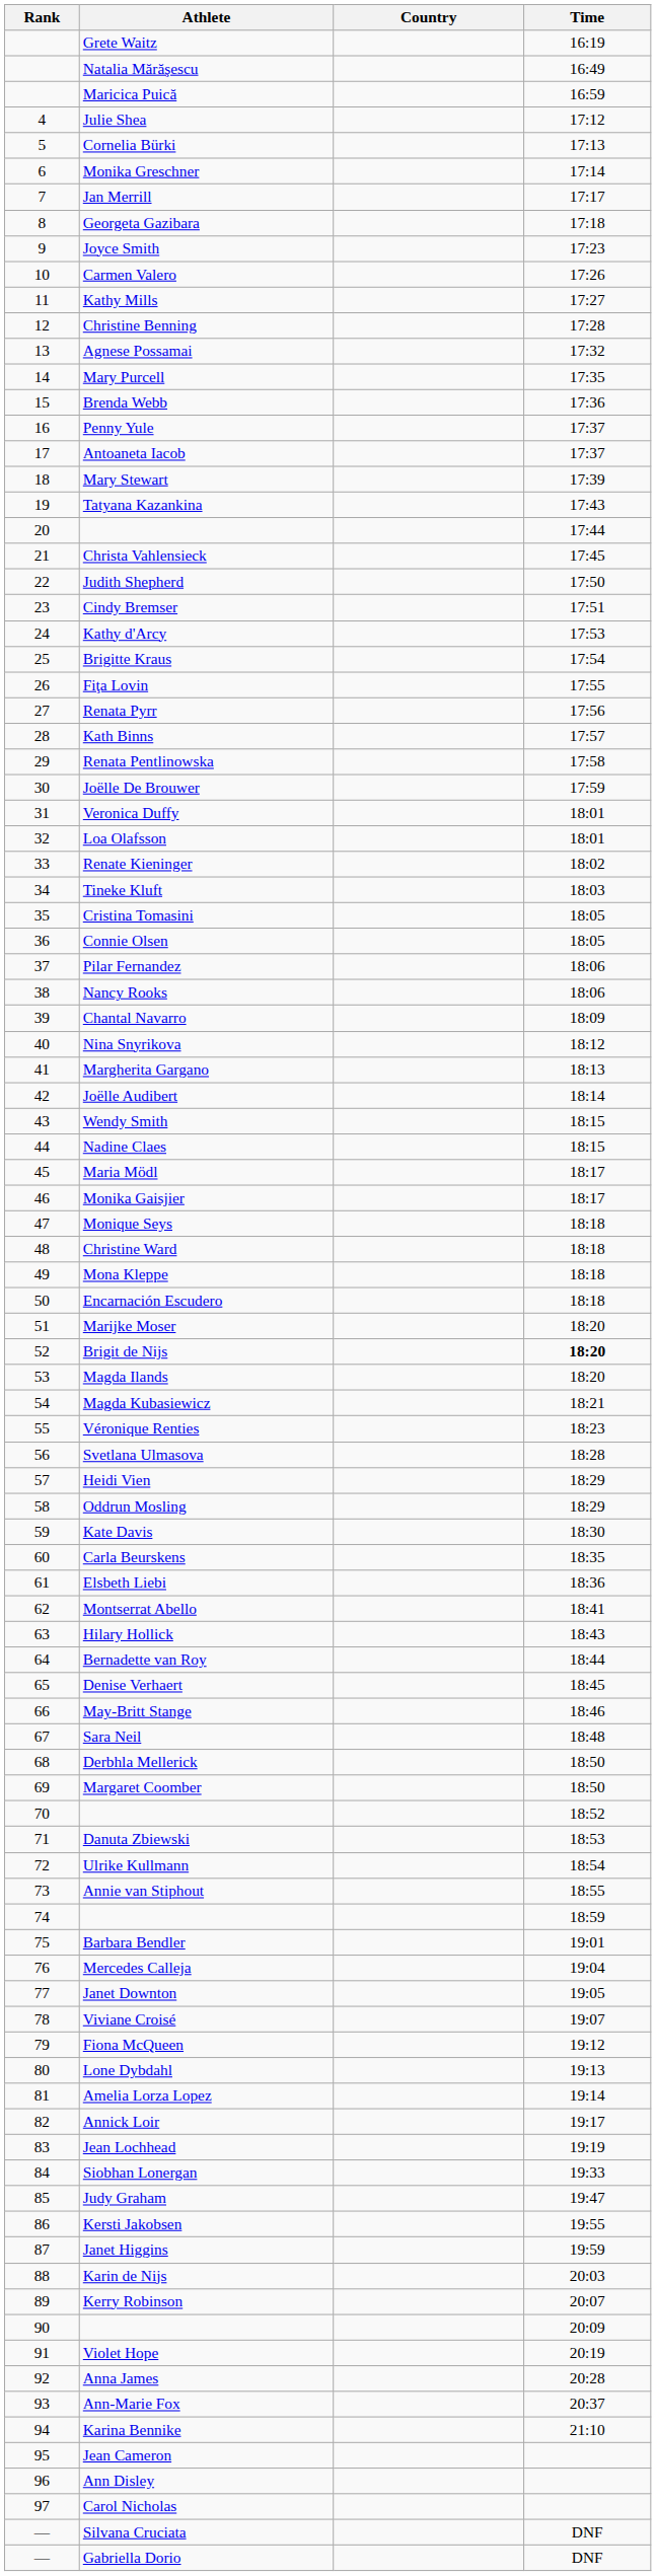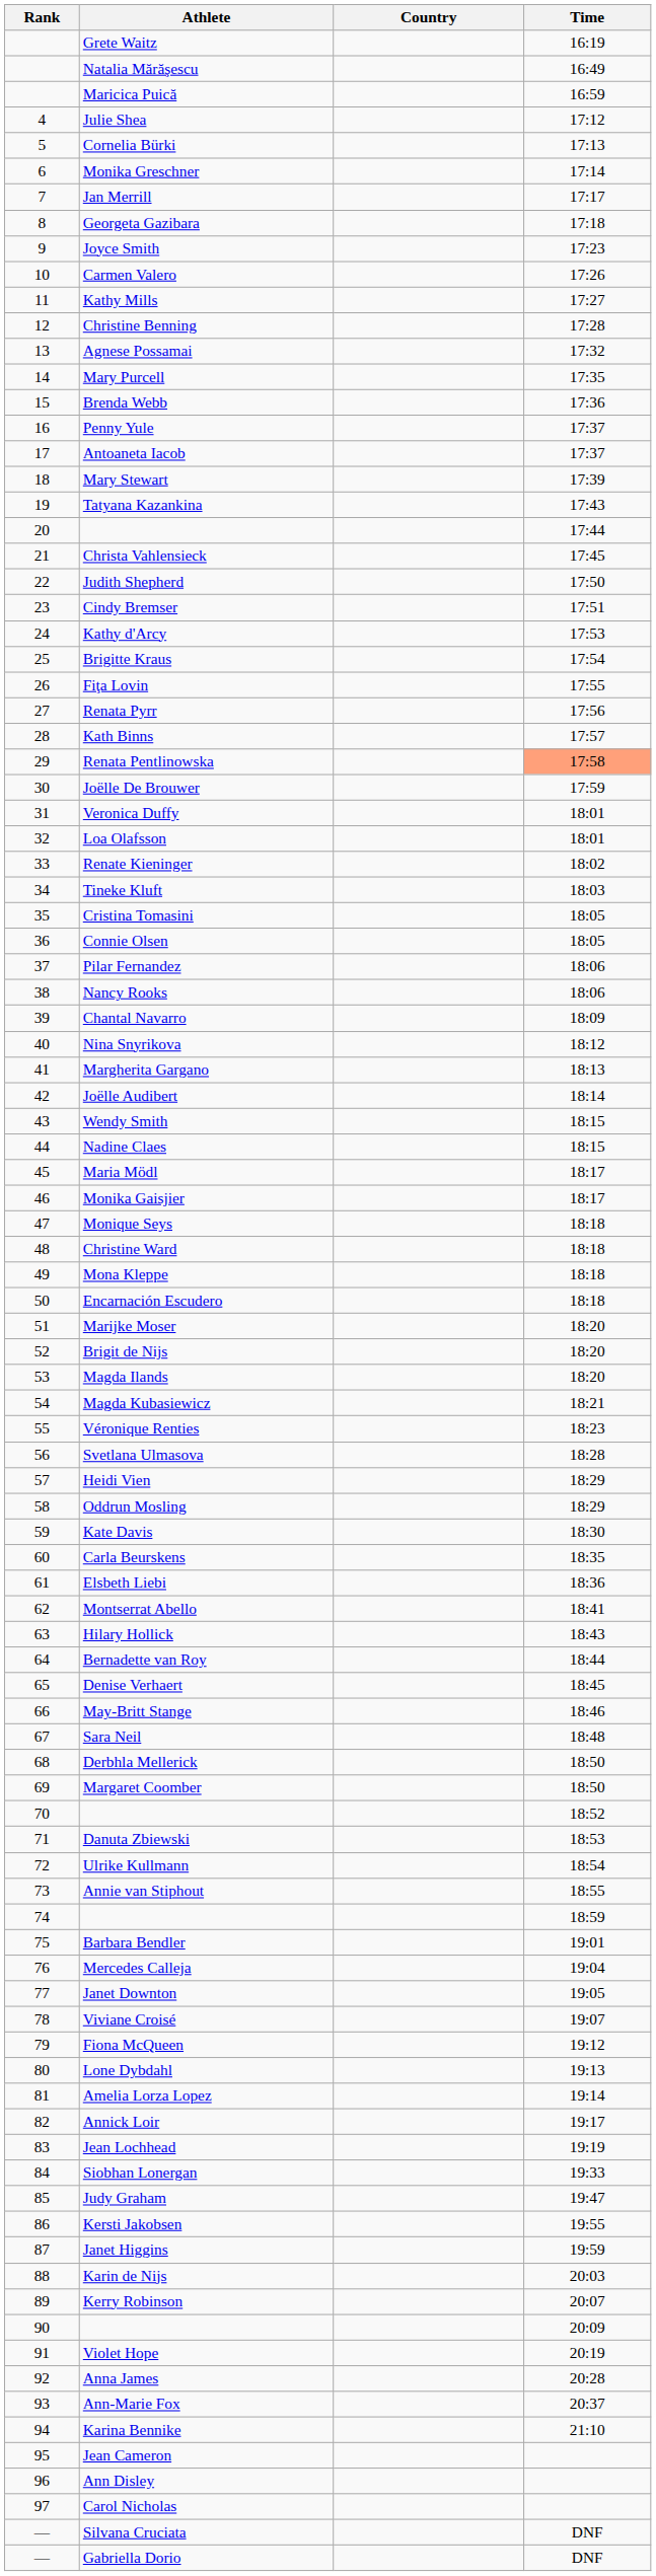 <table class="wikitable sortable" style=" text-align:center; font-size:95%;" width="50%">
 <tr>
 <th width=5%>Rank</th>
 <th width=20%>Athlete</th>
 <th width=15%>Country</th>
 <th width=10%>Time</th>
 </tr>
 <tr>
 <td align=center></td>
 <td align=left><a href='#'>Grete Waitz</a></td>
 <td align=left></td>
 <td>16:19</td>
 </tr>
 <tr>
 <td align=center></td>
 <td align=left><a href='#'>Natalia Mărăşescu</a></td>
 <td align=left></td>
 <td>16:49</td>
 </tr>
 <tr>
 <td align=center></td>
 <td align=left><a href='#'>Maricica Puică</a></td>
 <td align=left></td>
 <td>16:59</td>
 </tr>
 <tr>
 <td align=center>4</td>
 <td align=left><a href='#'>Julie Shea</a></td>
 <td align=left></td>
 <td>17:12</td>
 </tr>
 <tr>
 <td align=center>5</td>
 <td align=left><a href='#'>Cornelia Bürki</a></td>
 <td align=left></td>
 <td>17:13</td>
 </tr>
 <tr>
 <td align=center>6</td>
 <td align=left><a href='#'>Monika Greschner</a></td>
 <td align=left></td>
 <td>17:14</td>
 </tr>
 <tr>
 <td align=center>7</td>
 <td align=left><a href='#'>Jan Merrill</a></td>
 <td align=left></td>
 <td>17:17</td>
 </tr>
 <tr>
 <td align=center>8</td>
 <td align=left><a href='#'>Georgeta Gazibara</a></td>
 <td align=left></td>
 <td>17:18</td>
 </tr>
 <tr>
 <td align=center>9</td>
 <td align=left><a href='#'>Joyce Smith</a></td>
 <td align=left></td>
 <td>17:23</td>
 </tr>
 <tr>
 <td align=center>10</td>
 <td align=left><a href='#'>Carmen Valero</a></td>
 <td align=left></td>
 <td>17:26</td>
 </tr>
 <tr>
 <td align=center>11</td>
 <td align=left><a href='#'>Kathy Mills</a></td>
 <td align=left></td>
 <td>17:27</td>
 </tr>
 <tr>
 <td align=center>12</td>
 <td align=left><a href='#'>Christine Benning</a></td>
 <td align=left></td>
 <td>17:28</td>
 </tr>
 <tr>
 <td align=center>13</td>
 <td align=left><a href='#'>Agnese Possamai</a></td>
 <td align=left></td>
 <td>17:32</td>
 </tr>
 <tr>
 <td align=center>14</td>
 <td align=left><a href='#'>Mary Purcell</a></td>
 <td align=left></td>
 <td>17:35</td>
 </tr>
 <tr>
 <td align=center>15</td>
 <td align=left><a href='#'>Brenda Webb</a></td>
 <td align=left></td>
 <td>17:36</td>
 </tr>
 <tr>
 <td align=center>16</td>
 <td align=left><a href='#'>Penny Yule</a></td>
 <td align=left></td>
 <td>17:37</td>
 </tr>
 <tr>
 <td align=center>17</td>
 <td align=left><a href='#'>Antoaneta Iacob</a></td>
 <td align=left></td>
 <td>17:37</td>
 </tr>
 <tr>
 <td align=center>18</td>
 <td align=left><a href='#'>Mary Stewart</a></td>
 <td align=left></td>
 <td>17:39</td>
 </tr>
 <tr>
 <td align=center>19</td>
 <td align=left><a href='#'>Tatyana Kazankina</a></td>
 <td align=left></td>
 <td>17:43</td>
 </tr>
 <tr>
 <td align=center>20</td>
 <td align=left></td>
 <td align=left></td>
 <td>17:44</td>
 </tr>
 <tr>
 <td align=center>21</td>
 <td align=left><a href='#'>Christa Vahlensieck</a></td>
 <td align=left></td>
 <td>17:45</td>
 </tr>
 <tr>
 <td align=center>22</td>
 <td align=left><a href='#'>Judith Shepherd</a></td>
 <td align=left></td>
 <td>17:50</td>
 </tr>
 <tr>
 <td align=center>23</td>
 <td align=left><a href='#'>Cindy Bremser</a></td>
 <td align=left></td>
 <td>17:51</td>
 </tr>
 <tr>
 <td align=center>24</td>
 <td align=left><a href='#'>Kathy d'Arcy</a></td>
 <td align=left></td>
 <td>17:53</td>
 </tr>
 <tr>
 <td align=center>25</td>
 <td align=left><a href='#'>Brigitte Kraus</a></td>
 <td align=left></td>
 <td>17:54</td>
 </tr>
 <tr>
 <td align=center>26</td>
 <td align=left><a href='#'>Fiţa Lovin</a></td>
 <td align=left></td>
 <td>17:55</td>
 </tr>
 <tr>
 <td align=center>27</td>
 <td align=left><a href='#'>Renata Pyrr</a></td>
 <td align=left></td>
 <td>17:56</td>
 </tr>
 <tr>
 <td align=center>28</td>
 <td align=left><a href='#'>Kath Binns</a></td>
 <td align=left></td>
 <td>17:57</td>
 </tr>
 <tr>
 <td align=center>29</td>
 <td align=left><a href='#'>Renata Pentlinowska</a></td>
 <td align=left></td>
-<td>17:58</td>
+<td style="background: lightsalmon;">17:58</td>
 </tr>
 <tr>
 <td align=center>30</td>
 <td align=left><a href='#'>Joëlle De Brouwer</a></td>
 <td align=left></td>
 <td>17:59</td>
 </tr>
 <tr>
 <td align=center>31</td>
 <td align=left><a href='#'>Veronica Duffy</a></td>
 <td align=left></td>
 <td>18:01</td>
 </tr>
 <tr>
 <td align=center>32</td>
 <td align=left><a href='#'>Loa Olafsson</a></td>
 <td align=left></td>
 <td>18:01</td>
 </tr>
 <tr>
 <td align=center>33</td>
 <td align=left><a href='#'>Renate Kieninger</a></td>
 <td align=left></td>
 <td>18:02</td>
 </tr>
 <tr>
 <td align=center>34</td>
 <td align=left><a href='#'>Tineke Kluft</a></td>
 <td align=left></td>
 <td>18:03</td>
 </tr>
 <tr>
 <td align=center>35</td>
 <td align=left><a href='#'>Cristina Tomasini</a></td>
 <td align=left></td>
 <td>18:05</td>
 </tr>
 <tr>
 <td align=center>36</td>
 <td align=left><a href='#'>Connie Olsen</a></td>
 <td align=left></td>
 <td>18:05</td>
 </tr>
 <tr>
 <td align=center>37</td>
 <td align=left><a href='#'>Pilar Fernandez</a></td>
 <td align=left></td>
 <td>18:06</td>
 </tr>
 <tr>
 <td align=center>38</td>
 <td align=left><a href='#'>Nancy Rooks</a></td>
 <td align=left></td>
 <td>18:06</td>
 </tr>
 <tr>
 <td align=center>39</td>
 <td align=left><a href='#'>Chantal Navarro</a></td>
 <td align=left></td>
 <td>18:09</td>
 </tr>
 <tr>
 <td align=center>40</td>
 <td align=left><a href='#'>Nina Snyrikova</a></td>
 <td align=left></td>
 <td>18:12</td>
 </tr>
 <tr>
 <td align=center>41</td>
 <td align=left><a href='#'>Margherita Gargano</a></td>
 <td align=left></td>
 <td>18:13</td>
 </tr>
 <tr>
 <td align=center>42</td>
 <td align=left><a href='#'>Joëlle Audibert</a></td>
 <td align=left></td>
 <td>18:14</td>
 </tr>
 <tr>
 <td align=center>43</td>
 <td align=left><a href='#'>Wendy Smith</a></td>
 <td align=left></td>
 <td>18:15</td>
 </tr>
 <tr>
 <td align=center>44</td>
 <td align=left><a href='#'>Nadine Claes</a></td>
 <td align=left></td>
 <td>18:15</td>
 </tr>
 <tr>
 <td align=center>45</td>
 <td align=left><a href='#'>Maria Mödl</a></td>
 <td align=left></td>
 <td>18:17</td>
 </tr>
 <tr>
 <td align=center>46</td>
 <td align=left><a href='#'>Monika Gaisjier</a></td>
 <td align=left></td>
 <td>18:17</td>
 </tr>
 <tr>
 <td align=center>47</td>
 <td align=left><a href='#'>Monique Seys</a></td>
 <td align=left></td>
 <td>18:18</td>
 </tr>
 <tr>
 <td align=center>48</td>
 <td align=left><a href='#'>Christine Ward</a></td>
 <td align=left></td>
 <td>18:18</td>
 </tr>
 <tr>
 <td align=center>49</td>
 <td align=left><a href='#'>Mona Kleppe</a></td>
 <td align=left></td>
 <td>18:18</td>
 </tr>
 <tr>
 <td align=center>50</td>
 <td align=left><a href='#'>Encarnación Escudero</a></td>
 <td align=left></td>
 <td>18:18</td>
 </tr>
 <tr>
 <td align=center>51</td>
 <td align=left><a href='#'>Marijke Moser</a></td>
 <td align=left></td>
 <td>18:20</td>
 </tr>
 <tr>
 <td align=center>52</td>
 <td align=left><a href='#'>Brigit de Nijs</a></td>
 <td align=left></td>
-<td><strong>18:20</strong></td>
+<td>18:20</td>
 </tr>
 <tr>
 <td align=center>53</td>
 <td align=left><a href='#'>Magda Ilands</a></td>
 <td align=left></td>
 <td>18:20</td>
 </tr>
 <tr>
 <td align=center>54</td>
 <td align=left><a href='#'>Magda Kubasiewicz</a></td>
 <td align=left></td>
 <td>18:21</td>
 </tr>
 <tr>
 <td align=center>55</td>
 <td align=left><a href='#'>Véronique Renties</a></td>
 <td align=left></td>
 <td>18:23</td>
 </tr>
 <tr>
 <td align=center>56</td>
 <td align=left><a href='#'>Svetlana Ulmasova</a></td>
 <td align=left></td>
 <td>18:28</td>
 </tr>
 <tr>
 <td align=center>57</td>
 <td align=left><a href='#'>Heidi Vien</a></td>
 <td align=left></td>
 <td>18:29</td>
 </tr>
 <tr>
 <td align=center>58</td>
 <td align=left><a href='#'>Oddrun Mosling</a></td>
 <td align=left></td>
 <td>18:29</td>
 </tr>
 <tr>
 <td align=center>59</td>
 <td align=left><a href='#'>Kate Davis</a></td>
 <td align=left></td>
 <td>18:30</td>
 </tr>
 <tr>
 <td align=center>60</td>
 <td align=left><a href='#'>Carla Beurskens</a></td>
 <td align=left></td>
 <td>18:35</td>
 </tr>
 <tr>
 <td align=center>61</td>
 <td align=left><a href='#'>Elsbeth Liebi</a></td>
 <td align=left></td>
 <td>18:36</td>
 </tr>
 <tr>
 <td align=center>62</td>
 <td align=left><a href='#'>Montserrat Abello</a></td>
 <td align=left></td>
 <td>18:41</td>
 </tr>
 <tr>
 <td align=center>63</td>
 <td align=left><a href='#'>Hilary Hollick</a></td>
 <td align=left></td>
 <td>18:43</td>
 </tr>
 <tr>
 <td align=center>64</td>
 <td align=left><a href='#'>Bernadette van Roy</a></td>
 <td align=left></td>
 <td>18:44</td>
 </tr>
 <tr>
 <td align=center>65</td>
 <td align=left><a href='#'>Denise Verhaert</a></td>
 <td align=left></td>
 <td>18:45</td>
 </tr>
 <tr>
 <td align=center>66</td>
 <td align=left><a href='#'>May-Britt Stange</a></td>
 <td align=left></td>
 <td>18:46</td>
 </tr>
 <tr>
 <td align=center>67</td>
 <td align=left><a href='#'>Sara Neil</a></td>
 <td align=left></td>
 <td>18:48</td>
 </tr>
 <tr>
 <td align=center>68</td>
 <td align=left><a href='#'>Derbhla Mellerick</a></td>
 <td align=left></td>
 <td>18:50</td>
 </tr>
 <tr>
 <td align=center>69</td>
 <td align=left><a href='#'>Margaret Coomber</a></td>
 <td align=left></td>
 <td>18:50</td>
 </tr>
 <tr>
 <td align=center>70</td>
 <td align=left></td>
 <td align=left></td>
 <td>18:52</td>
 </tr>
 <tr>
 <td align=center>71</td>
 <td align=left><a href='#'>Danuta Zbiewski</a></td>
 <td align=left></td>
 <td>18:53</td>
 </tr>
 <tr>
 <td align=center>72</td>
 <td align=left><a href='#'>Ulrike Kullmann</a></td>
 <td align=left></td>
 <td>18:54</td>
 </tr>
 <tr>
 <td align=center>73</td>
 <td align=left><a href='#'>Annie van Stiphout</a></td>
 <td align=left></td>
 <td>18:55</td>
 </tr>
 <tr>
 <td align=center>74</td>
 <td align=left></td>
 <td align=left></td>
 <td>18:59</td>
 </tr>
 <tr>
 <td align=center>75</td>
 <td align=left><a href='#'>Barbara Bendler</a></td>
 <td align=left></td>
 <td>19:01</td>
 </tr>
 <tr>
 <td align=center>76</td>
 <td align=left><a href='#'>Mercedes Calleja</a></td>
 <td align=left></td>
 <td>19:04</td>
 </tr>
 <tr>
 <td align=center>77</td>
 <td align=left><a href='#'>Janet Downton</a></td>
 <td align=left></td>
 <td>19:05</td>
 </tr>
 <tr>
 <td align=center>78</td>
 <td align=left><a href='#'>Viviane Croisé</a></td>
 <td align=left></td>
 <td>19:07</td>
 </tr>
 <tr>
 <td align=center>79</td>
 <td align=left><a href='#'>Fiona McQueen</a></td>
 <td align=left></td>
 <td>19:12</td>
 </tr>
 <tr>
 <td align=center>80</td>
 <td align=left><a href='#'>Lone Dybdahl</a></td>
 <td align=left></td>
 <td>19:13</td>
 </tr>
 <tr>
 <td align=center>81</td>
 <td align=left><a href='#'>Amelia Lorza Lopez</a></td>
 <td align=left></td>
 <td>19:14</td>
 </tr>
 <tr>
 <td align=center>82</td>
 <td align=left><a href='#'>Annick Loir</a></td>
 <td align=left></td>
 <td>19:17</td>
 </tr>
 <tr>
 <td align=center>83</td>
 <td align=left><a href='#'>Jean Lochhead</a></td>
 <td align=left></td>
 <td>19:19</td>
 </tr>
 <tr>
 <td align=center>84</td>
 <td align=left><a href='#'>Siobhan Lonergan</a></td>
 <td align=left></td>
 <td>19:33</td>
 </tr>
 <tr>
 <td align=center>85</td>
 <td align=left><a href='#'>Judy Graham</a></td>
 <td align=left></td>
 <td>19:47</td>
 </tr>
 <tr>
 <td align=center>86</td>
 <td align=left><a href='#'>Kersti Jakobsen</a></td>
 <td align=left></td>
 <td>19:55</td>
 </tr>
 <tr>
 <td align=center>87</td>
 <td align=left><a href='#'>Janet Higgins</a></td>
 <td align=left></td>
 <td>19:59</td>
 </tr>
 <tr>
 <td align=center>88</td>
 <td align=left><a href='#'>Karin de Nijs</a></td>
 <td align=left></td>
 <td>20:03</td>
 </tr>
 <tr>
 <td align=center>89</td>
 <td align=left><a href='#'>Kerry Robinson</a></td>
 <td align=left></td>
 <td>20:07</td>
 </tr>
 <tr>
 <td align=center>90</td>
 <td align=left></td>
 <td align=left></td>
 <td>20:09</td>
 </tr>
 <tr>
 <td align=center>91</td>
 <td align=left><a href='#'>Violet Hope</a></td>
 <td align=left></td>
 <td>20:19</td>
 </tr>
 <tr>
 <td align=center>92</td>
 <td align=left><a href='#'>Anna James</a></td>
 <td align=left></td>
 <td>20:28</td>
 </tr>
 <tr>
 <td align=center>93</td>
 <td align=left><a href='#'>Ann-Marie Fox</a></td>
 <td align=left></td>
 <td>20:37</td>
 </tr>
 <tr>
 <td align=center>94</td>
 <td align=left><a href='#'>Karina Bennike</a></td>
 <td align=left></td>
 <td>21:10</td>
 </tr>
 <tr>
 <td align=center>95</td>
 <td align=left><a href='#'>Jean Cameron</a></td>
 <td align=left></td>
 <td></td>
 </tr>
 <tr>
 <td align=center>96</td>
 <td align=left><a href='#'>Ann Disley</a></td>
 <td align=left></td>
 <td></td>
 </tr>
 <tr>
 <td align=center>97</td>
 <td align=left><a href='#'>Carol Nicholas</a></td>
 <td align=left></td>
 <td></td>
 </tr>
 <tr>
 <td align=center>—</td>
 <td align=left><a href='#'>Silvana Cruciata</a></td>
 <td align=left></td>
 <td>DNF</td>
 </tr>
 <tr>
 <td align=center>—</td>
 <td align=left><a href='#'>Gabriella Dorio</a></td>
 <td align=left></td>
 <td>DNF</td>
 </tr>
 </table>
